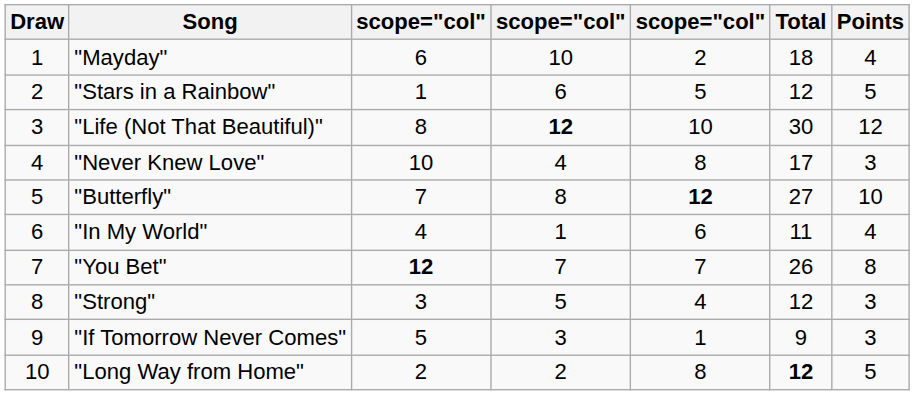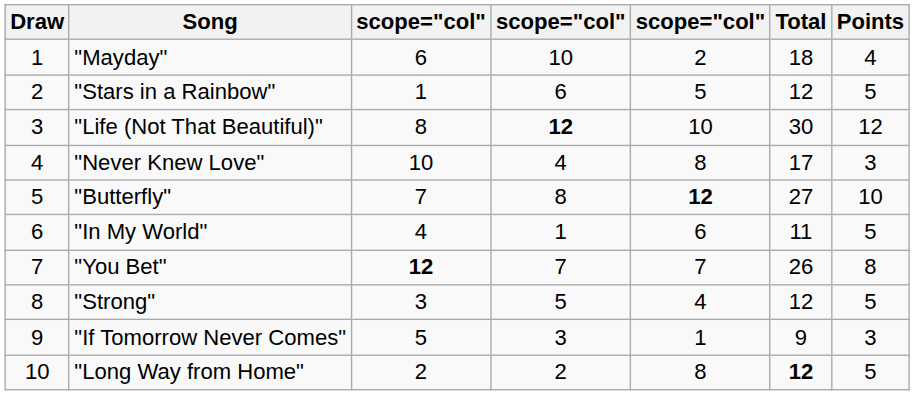 <table class="wikitable collapsible" style="margin: 1em auto 1em auto; text-align:center;">
 <tr>
 <th>Draw</th>
 <th>Song</th>
 <th>scope="col" </th>
 <th>scope="col" </th>
 <th>scope="col" </th>
 <th>Total</th>
 <th>Points</th>
 </tr>
 <tr>
 <td>1</td>
 <td align="left">"Mayday"</td>
 <td>6</td>
 <td>10</td>
 <td>2</td>
 <td>18</td>
 <td>4</td>
 </tr>
 <tr>
 <td>2</td>
 <td align="left">"Stars in a Rainbow"</td>
 <td>1</td>
 <td>6</td>
 <td>5</td>
 <td>12</td>
 <td>5</td>
 </tr>
 <tr>
 <td>3</td>
 <td align="left">"Life (Not That Beautiful)"</td>
 <td>8</td>
 <td><strong>12</strong></td>
 <td>10</td>
 <td>30</td>
 <td>12</td>
 </tr>
 <tr>
 <td>4</td>
 <td align="left">"Never Knew Love"</td>
 <td>10</td>
 <td>4</td>
 <td>8</td>
 <td>17</td>
 <td>3</td>
 </tr>
 <tr>
 <td>5</td>
 <td align="left">"Butterfly"</td>
 <td>7</td>
 <td>8</td>
 <td><strong>12</strong></td>
 <td>27</td>
 <td>10</td>
 </tr>
 <tr>
 <td>6</td>
 <td align="left">"In My World"</td>
 <td>4</td>
 <td>1</td>
 <td>6</td>
 <td>11</td>
-<td>4</td>
+<td>5</td>
 </tr>
 <tr>
 <td>7</td>
 <td align="left">"You Bet"</td>
 <td><strong>12</strong></td>
 <td>7</td>
 <td>7</td>
 <td>26</td>
 <td>8</td>
 </tr>
 <tr>
 <td>8</td>
 <td align="left">"Strong"</td>
 <td>3</td>
 <td>5</td>
 <td>4</td>
 <td>12</td>
-<td>3</td>
+<td>5</td>
 </tr>
 <tr>
 <td>9</td>
 <td align="left">"If Tomorrow Never Comes"</td>
 <td>5</td>
 <td>3</td>
 <td>1</td>
 <td>9</td>
 <td>3</td>
 </tr>
 <tr>
 <td>10</td>
 <td align="left">"Long Way from Home"</td>
 <td>2</td>
 <td>2</td>
 <td>8</td>
 <td><strong>12</strong></td>
 <td>5</td>
 </tr>
 </table>
